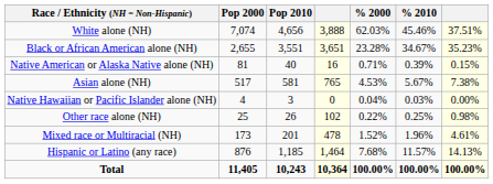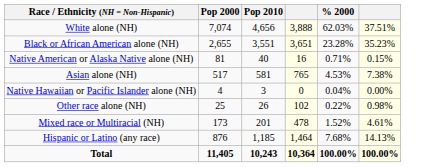 <table class="wikitable" style="text-align:center;">
 <tr>
 <th>Race / Ethnicity <small>(<em>NH = Non-Hispanic</em>)</small></th>
 <th>Pop 2000</th>
 <th>Pop 2010</th>
 <th></th>
 <th>% 2000</th>
-<th>% 2010</th>
 <th></th>
 </tr>
 <tr>
 <td><a href='#'>White</a> alone (NH)</td>
 <td>7,074</td>
 <td>4,656</td>
 <td style='background: #ffffe6;'>3,888</td>
 <td>62.03%</td>
-<td>45.46%</td>
 <td style='background: #ffffe6;'>37.51%</td>
 </tr>
 <tr>
 <td><a href='#'>Black or African American</a> alone (NH)</td>
 <td>2,655</td>
 <td>3,551</td>
 <td style='background: #ffffe6;'>3,651</td>
 <td>23.28%</td>
-<td>34.67%</td>
 <td style='background: #ffffe6;'>35.23%</td>
 </tr>
 <tr>
 <td><a href='#'>Native American</a> or <a href='#'>Alaska Native</a> alone (NH)</td>
 <td>81</td>
 <td>40</td>
 <td style='background: #ffffe6;'>16</td>
 <td>0.71%</td>
-<td>0.39%</td>
 <td style='background: #ffffe6;'>0.15%</td>
 </tr>
 <tr>
 <td><a href='#'>Asian</a> alone (NH)</td>
 <td>517</td>
 <td>581</td>
 <td style='background: #ffffe6;'>765</td>
 <td>4.53%</td>
-<td>5.67%</td>
 <td style='background: #ffffe6;'>7.38%</td>
 </tr>
 <tr>
 <td><a href='#'>Native Hawaiian</a> or <a href='#'>Pacific Islander</a> alone (NH)</td>
 <td>4</td>
 <td>3</td>
 <td style='background: #ffffe6;'>0</td>
 <td>0.04%</td>
-<td>0.03%</td>
 <td style='background: #ffffe6;'>0.00%</td>
 </tr>
 <tr>
 <td><a href='#'>Other race</a> alone (NH)</td>
 <td>25</td>
 <td>26</td>
 <td style='background: #ffffe6;'>102</td>
 <td>0.22%</td>
-<td>0.25%</td>
 <td style='background: #ffffe6;'>0.98%</td>
 </tr>
 <tr>
 <td><a href='#'>Mixed race or Multiracial</a> (NH)</td>
 <td>173</td>
 <td>201</td>
 <td style='background: #ffffe6;'>478</td>
 <td>1.52%</td>
-<td>1.96%</td>
 <td style='background: #ffffe6;'>4.61%</td>
 </tr>
 <tr>
 <td><a href='#'>Hispanic or Latino</a> (any race)</td>
 <td>876</td>
 <td>1,185</td>
 <td style='background: #ffffe6;'>1,464</td>
 <td>7.68%</td>
-<td>11.57%</td>
 <td style='background: #ffffe6;'>14.13%</td>
 </tr>
 <tr>
 <td><strong>Total</strong></td>
 <td><strong>11,405</strong></td>
 <td><strong>10,243</strong></td>
 <td style='background: #ffffe6;'><strong>10,364</strong></td>
 <td><strong>100.00%</strong></td>
-<td><strong>100.00%</strong></td>
 <td style='background: #ffffe6;'><strong>100.00%</strong></td>
 </tr>
 </table>
